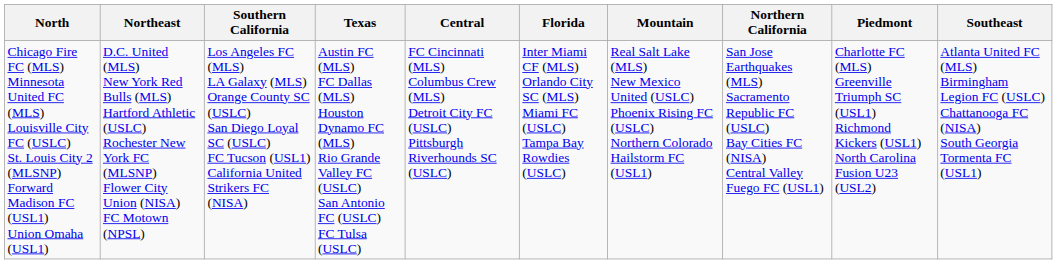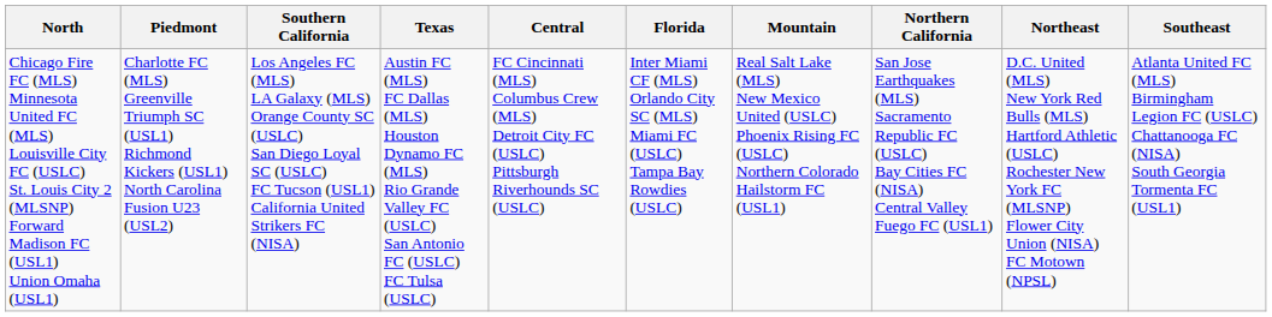 <table class="wikitable">
 <tr>
 <th>North</th>
-<th>Northeast</th>
+<th>Piedmont</th>
 <th>Southern California</th>
 <th>Texas</th>
 <th>Central</th>
 <th>Florida</th>
 <th>Mountain</th>
 <th>Northern California</th>
-<th>Piedmont</th>
+<th>Northeast</th>
 <th>Southeast</th>
 </tr>
 <tr valign=top>
 <td><a href='#'>Chicago Fire FC</a> (<a href='#'>MLS</a>)<br><a href='#'>Minnesota United FC</a> (<a href='#'>MLS</a>)<br><a href='#'>Louisville City FC</a> (<a href='#'>USLC</a>)<br><a href='#'>St. Louis City 2</a> (<a href='#'>MLSNP</a>)<br><a href='#'>Forward Madison FC</a> (<a href='#'>USL1</a>)<br><a href='#'>Union Omaha</a> (<a href='#'>USL1</a>)</td>
-<td><a href='#'>D.C. United</a> (<a href='#'>MLS</a>)<br><a href='#'>New York Red Bulls</a> (<a href='#'>MLS</a>)<br><a href='#'>Hartford Athletic</a> (<a href='#'>USLC</a>)<br><a href='#'>Rochester New York FC</a> (<a href='#'>MLSNP</a>)<br><a href='#'>Flower City Union</a> (<a href='#'>NISA</a>)<br><a href='#'>FC Motown</a> (<a href='#'>NPSL</a>)</td>
+<td><a href='#'>Charlotte FC</a> (<a href='#'>MLS</a>)<br><a href='#'>Greenville Triumph SC</a> (<a href='#'>USL1</a>)<br><a href='#'>Richmond Kickers</a> (<a href='#'>USL1</a>)<br><a href='#'>North Carolina Fusion U23</a> (<a href='#'>USL2</a>)</td>
 <td><a href='#'>Los Angeles FC</a> (<a href='#'>MLS</a>)<br><a href='#'>LA Galaxy</a> (<a href='#'>MLS</a>)<br><a href='#'>Orange County SC</a> (<a href='#'>USLC</a>)<br><a href='#'>San Diego Loyal SC</a> (<a href='#'>USLC</a>)<br><a href='#'>FC Tucson</a> (<a href='#'>USL1</a>)<br><a href='#'>California United Strikers FC</a> (<a href='#'>NISA</a>)<br></td>
 <td><a href='#'>Austin FC</a> (<a href='#'>MLS</a>)<br><a href='#'>FC Dallas</a> (<a href='#'>MLS</a>)<br><a href='#'>Houston Dynamo FC</a> (<a href='#'>MLS</a>)<br><a href='#'>Rio Grande Valley FC</a> (<a href='#'>USLC</a>)<br><a href='#'>San Antonio FC</a> (<a href='#'>USLC</a>)<br><a href='#'>FC Tulsa</a> (<a href='#'>USLC</a>)</td>
 <td><a href='#'>FC Cincinnati</a> (<a href='#'>MLS</a>)<br><a href='#'>Columbus Crew</a> (<a href='#'>MLS</a>)<br><a href='#'>Detroit City FC</a> (<a href='#'>USLC</a>)<br><a href='#'>Pittsburgh Riverhounds SC</a> (<a href='#'>USLC</a>)</td>
 <td><a href='#'>Inter Miami CF</a> (<a href='#'>MLS</a>)<br><a href='#'>Orlando City SC</a> (<a href='#'>MLS</a>)<br><a href='#'>Miami FC</a> (<a href='#'>USLC</a>)<br><a href='#'>Tampa Bay Rowdies</a> (<a href='#'>USLC</a>)</td>
 <td><a href='#'>Real Salt Lake</a> (<a href='#'>MLS</a>)<br><a href='#'>New Mexico United</a> (<a href='#'>USLC</a>)<br><a href='#'>Phoenix Rising FC</a> (<a href='#'>USLC</a>)<br><a href='#'>Northern Colorado Hailstorm FC</a> (<a href='#'>USL1</a>)<br></td>
 <td><a href='#'>San Jose Earthquakes</a> (<a href='#'>MLS</a>)<br><a href='#'>Sacramento Republic FC</a> (<a href='#'>USLC</a>)<br><a href='#'>Bay Cities FC</a> (<a href='#'>NISA</a>)<br><a href='#'>Central Valley Fuego FC</a> (<a href='#'>USL1</a>)</td>
-<td><a href='#'>Charlotte FC</a> (<a href='#'>MLS</a>)<br><a href='#'>Greenville Triumph SC</a> (<a href='#'>USL1</a>)<br><a href='#'>Richmond Kickers</a> (<a href='#'>USL1</a>)<br><a href='#'>North Carolina Fusion U23</a> (<a href='#'>USL2</a>)</td>
+<td><a href='#'>D.C. United</a> (<a href='#'>MLS</a>)<br><a href='#'>New York Red Bulls</a> (<a href='#'>MLS</a>)<br><a href='#'>Hartford Athletic</a> (<a href='#'>USLC</a>)<br><a href='#'>Rochester New York FC</a> (<a href='#'>MLSNP</a>)<br><a href='#'>Flower City Union</a> (<a href='#'>NISA</a>)<br><a href='#'>FC Motown</a> (<a href='#'>NPSL</a>)</td>
 <td><a href='#'>Atlanta United FC</a> (<a href='#'>MLS</a>)<br><a href='#'>Birmingham Legion FC</a> (<a href='#'>USLC</a>)<br><a href='#'>Chattanooga FC</a> (<a href='#'>NISA</a>)<br><a href='#'>South Georgia Tormenta FC</a> (<a href='#'>USL1</a>)</td>
 </tr>
 </table>
